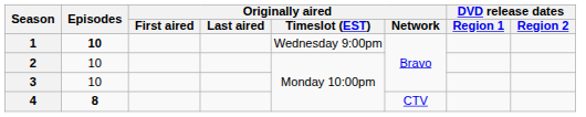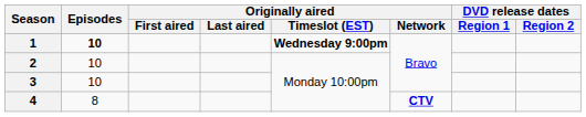 <table class="wikitable plainrowheaders"  style="text-align:center;">
 <tr>
 <th style="padding:0 8px;" rowspan="2">Season</th>
 <th style="padding:0 8px;" rowspan="2">Episodes</th>
 <th style="padding:0 8px;" colspan="4">Originally aired</th>
 <th scope="col" style="padding:0 8px"  colspan="3"><a href='#'>DVD</a> release dates</th>
 </tr>
 <tr>
 <th style="padding:0 8px;">First aired</th>
 <th style="padding:0 8px;">Last aired</th>
 <th style="padding:0 8px;">Timeslot (<a href='#'>EST</a>)</th>
 <th style="padding:0 8px;">Network</th>
 <th style="padding: 0 8px"><a href='#'>Region 1</a></th>
 <th style="padding: 0 8px"><a href='#'>Region 2</a></th>
 </tr>
 <tr>
 <th scope="row" style="text-align:center;">1</th>
 <td><strong>10</strong></td>
 <td></td>
 <td></td>
-<td>Wednesday 9:00pm</td>
+<td><strong>Wednesday 9:00pm</strong></td>
 <td rowspan="3"><a href='#'>Bravo</a></td>
 <td></td>
 <td></td>
 </tr>
 <tr>
 <th scope="row" style="text-align:center;">2</th>
 <td>10</td>
 <td></td>
 <td></td>
 <td rowspan="3">Monday 10:00pm</td>
 <td></td>
 <td></td>
 </tr>
 <tr>
 <th scope="row" style="text-align:center;">3</th>
 <td>10</td>
 <td></td>
 <td></td>
 <td></td>
 <td></td>
 </tr>
 <tr>
 <th scope="row" style="text-align:center;">4</th>
-<td><strong>8</strong></td>
+<td>8</td>
 <td></td>
 <td></td>
-<td><a href='#'>CTV</a></td>
+<td><strong><a href='#'>CTV</a></strong></td>
 <td></td>
 <td></td>
 </tr>
 </table>
